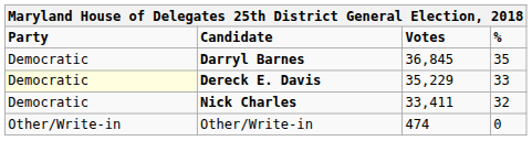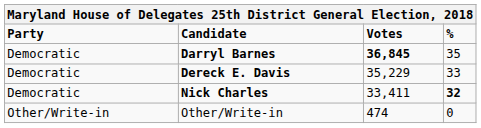 <table class="wikitable">
 <tr>
 <th colspan="4">Maryland House of Delegates 25th District General Election, 2018</th>
 </tr>
 <tr>
 <td><strong>Party</strong></td>
 <td><strong>Candidate</strong></td>
 <td><strong>Votes</strong></td>
 <td><strong>%</strong></td>
 </tr>
 <tr>
 <td>Democratic</td>
 <td><strong>Darryl Barnes</strong></td>
-<td>36,845</td>
+<td><strong>36,845</strong></td>
 <td>35</td>
 </tr>
 <tr>
-<td style="background: lightyellow;">Democratic</td>
+<td>Democratic</td>
 <td><strong>Dereck E. Davis</strong></td>
 <td>35,229</td>
 <td>33</td>
 </tr>
 <tr>
 <td>Democratic</td>
 <td><strong>Nick Charles</strong></td>
 <td>33,411</td>
-<td>32</td>
+<td><strong>32</strong></td>
 </tr>
 <tr>
 <td>Other/Write-in</td>
 <td>Other/Write-in</td>
 <td>474</td>
 <td>0</td>
 </tr>
 </table>
